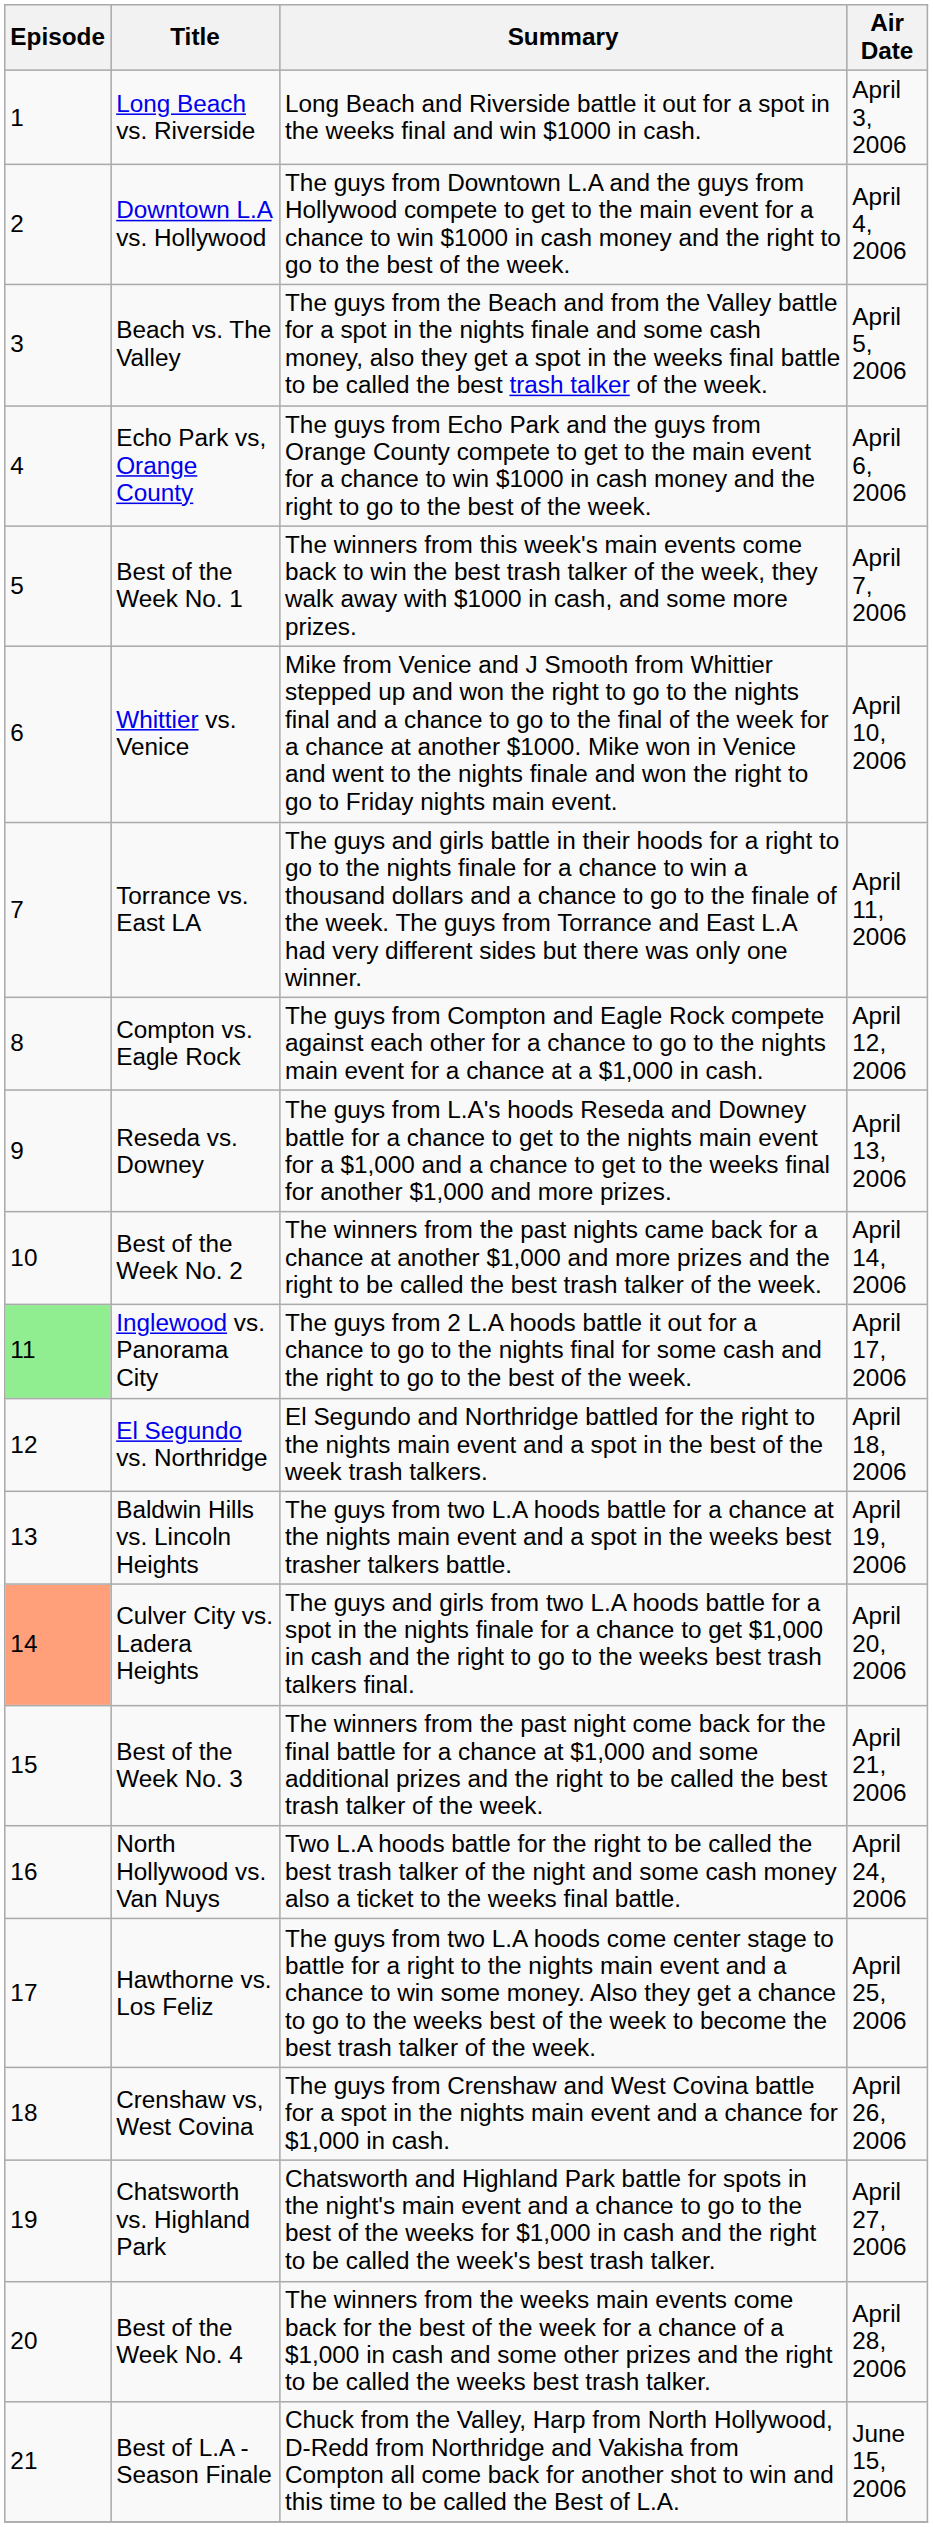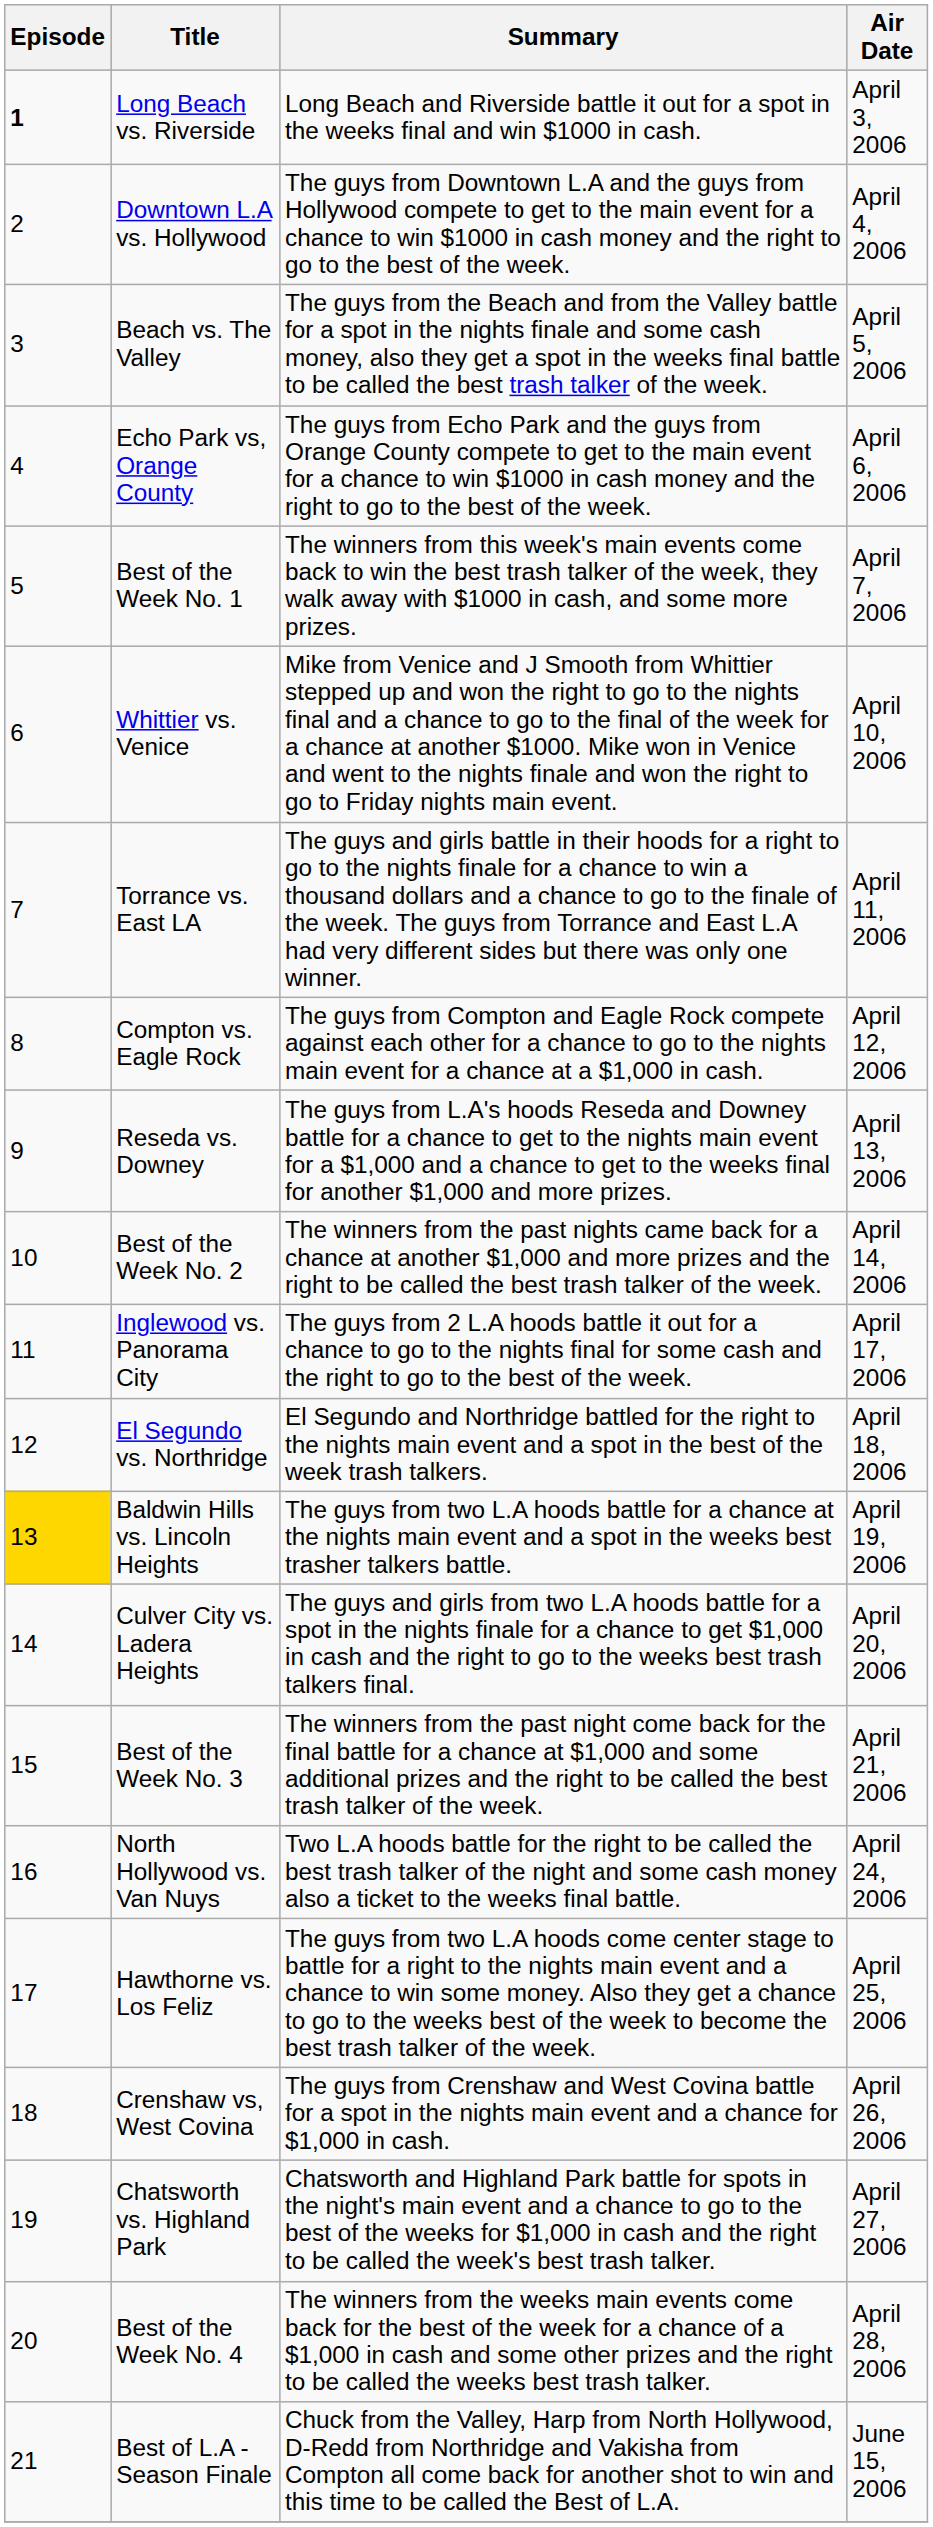 <table class="wikitable">
 <tr>
 <th>Episode</th>
 <th>Title</th>
 <th>Summary</th>
 <th>Air Date</th>
 </tr>
 <tr>
-<td>1</td>
+<td><strong>1</strong></td>
 <td><a href='#'>Long Beach</a> vs. Riverside</td>
 <td>Long Beach and Riverside battle it out for a spot in the weeks final and win $1000 in cash.</td>
 <td>April 3, 2006</td>
 </tr>
 <tr>
 <td>2</td>
 <td><a href='#'>Downtown L.A</a> vs. Hollywood</td>
 <td>The guys from Downtown L.A and the guys from Hollywood compete to get to the main event for a chance to win $1000 in cash money and the right to go to the best of the week.</td>
 <td>April 4, 2006</td>
 </tr>
 <tr>
 <td>3</td>
 <td>Beach vs. The Valley</td>
 <td>The guys from the Beach and from the Valley battle for a spot in the nights finale and some cash money, also they get a spot in the weeks final battle to be called the best <a href='#'>trash talker</a> of the week.</td>
 <td>April 5, 2006</td>
 </tr>
 <tr>
 <td>4</td>
 <td>Echo Park vs, <a href='#'>Orange County</a></td>
 <td>The guys from Echo Park and the guys from Orange County compete to get to the main event for a chance to win $1000 in cash money and the right to go to the best of the week.</td>
 <td>April 6, 2006</td>
 </tr>
 <tr>
 <td>5</td>
 <td>Best of the Week No. 1</td>
 <td>The winners from this week's main events come back to win the best trash talker of the week, they walk away with $1000 in cash, and some more prizes.</td>
 <td>April 7, 2006</td>
 </tr>
 <tr>
 <td>6</td>
 <td><a href='#'>Whittier</a> vs. Venice</td>
 <td>Mike from Venice and J Smooth from Whittier stepped up and won the right to go to the nights final and a chance to go to the final of the week for a chance at another $1000. Mike won in Venice and went to the nights finale and won the right to go to Friday nights main event.</td>
 <td>April 10, 2006</td>
 </tr>
 <tr>
 <td>7</td>
 <td>Torrance vs. East LA</td>
 <td>The guys and girls battle in their hoods for a right to go to the nights finale for a chance to win a thousand dollars and a chance to go to the finale of the week. The guys from Torrance and East L.A had very different sides but there was only one winner.</td>
 <td>April 11, 2006</td>
 </tr>
 <tr>
 <td>8</td>
 <td>Compton vs. Eagle Rock</td>
 <td>The guys from Compton and Eagle Rock compete against each other for a chance to go to the nights main event for a chance at a $1,000 in cash.</td>
 <td>April 12, 2006</td>
 </tr>
 <tr>
 <td>9</td>
 <td>Reseda vs. Downey</td>
 <td>The guys from L.A's hoods Reseda and Downey battle for a chance to get to the nights main event for a $1,000 and a chance to get to the weeks final for another $1,000 and more prizes.</td>
 <td>April 13, 2006</td>
 </tr>
 <tr>
 <td>10</td>
 <td>Best of the Week No. 2</td>
 <td>The winners from the past nights came back for a chance at another $1,000 and more prizes and the right to be called the best trash talker of the week.</td>
 <td>April 14, 2006</td>
 </tr>
 <tr>
-<td style="background: lightgreen;">11</td>
+<td>11</td>
 <td><a href='#'>Inglewood</a> vs. Panorama City</td>
 <td>The guys from 2 L.A hoods battle it out for a chance to go to the nights final for some cash and the right to go to the best of the week.</td>
 <td>April 17, 2006</td>
 </tr>
 <tr>
 <td>12</td>
 <td><a href='#'>El Segundo</a> vs. Northridge</td>
 <td>El Segundo and Northridge battled for the right to the nights main event and a spot in the best of the week trash talkers.</td>
 <td>April 18, 2006</td>
 </tr>
 <tr>
-<td>13</td>
+<td style="background: gold;">13</td>
 <td>Baldwin Hills vs. Lincoln Heights</td>
 <td>The guys from two L.A hoods battle for a chance at the nights main event and a spot in the weeks best trasher talkers battle.</td>
 <td>April 19, 2006</td>
 </tr>
 <tr>
-<td style="background: lightsalmon;">14</td>
+<td>14</td>
 <td>Culver City vs. Ladera Heights</td>
 <td>The guys and girls from two L.A hoods battle for a spot in the nights finale for a chance to get $1,000 in cash and the right to go to the weeks best trash talkers final.</td>
 <td>April 20, 2006</td>
 </tr>
 <tr>
 <td>15</td>
 <td>Best of the Week No. 3</td>
 <td>The winners from the past night come back for the final battle for a chance at $1,000 and some additional prizes and the right to be called the best trash talker of the week.</td>
 <td>April 21, 2006</td>
 </tr>
 <tr>
 <td>16</td>
 <td>North Hollywood vs. Van Nuys</td>
 <td>Two L.A hoods battle for the right to be called the best trash talker of the night and some cash money also a ticket to the weeks final battle.</td>
 <td>April 24, 2006</td>
 </tr>
 <tr>
 <td>17</td>
 <td>Hawthorne vs. Los Feliz</td>
 <td>The guys from two L.A hoods come center stage to battle for a right to the nights main event and a chance to win some money. Also they get a chance to go to the weeks best of the week to become the best trash talker of the week.</td>
 <td>April 25, 2006</td>
 </tr>
 <tr>
 <td>18</td>
 <td>Crenshaw vs, West Covina</td>
 <td>The guys from Crenshaw and West Covina battle for a spot in the nights main event and a chance for $1,000 in cash.</td>
 <td>April 26, 2006</td>
 </tr>
 <tr>
 <td>19</td>
 <td>Chatsworth vs. Highland Park</td>
 <td>Chatsworth and Highland Park battle for spots in the night's main event and a chance to go to the best of the weeks for $1,000 in cash and the right to be called the week's best trash talker.</td>
 <td>April 27, 2006</td>
 </tr>
 <tr>
 <td>20</td>
 <td>Best of the Week No. 4</td>
 <td>The winners from the weeks main events come back for the best of the week for a chance of a $1,000 in cash and some other prizes and the right to be called the weeks best trash talker.</td>
 <td>April 28, 2006</td>
 </tr>
 <tr>
 <td>21</td>
 <td>Best of L.A - Season Finale</td>
 <td>Chuck from the Valley, Harp from North Hollywood, D-Redd from Northridge and Vakisha from Compton all come back for another shot to win and this time to be called the Best of L.A.</td>
 <td>June 15, 2006</td>
 </tr>
 <tr>
 </tr>
 </table>
